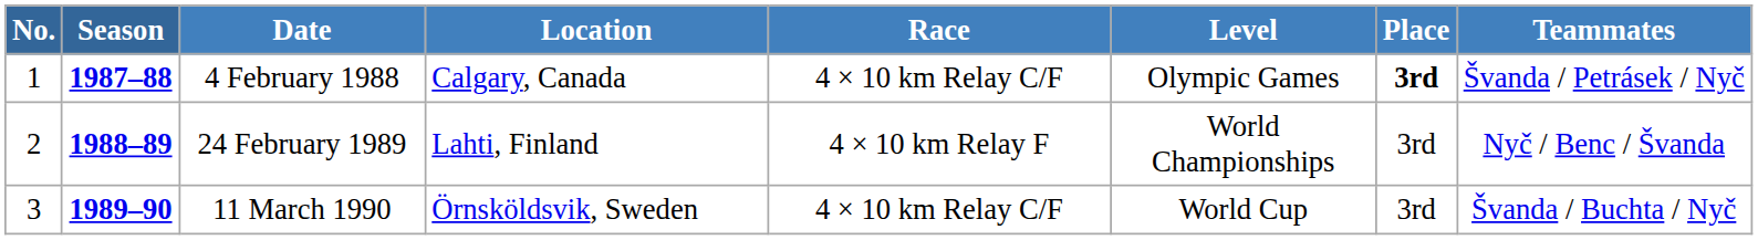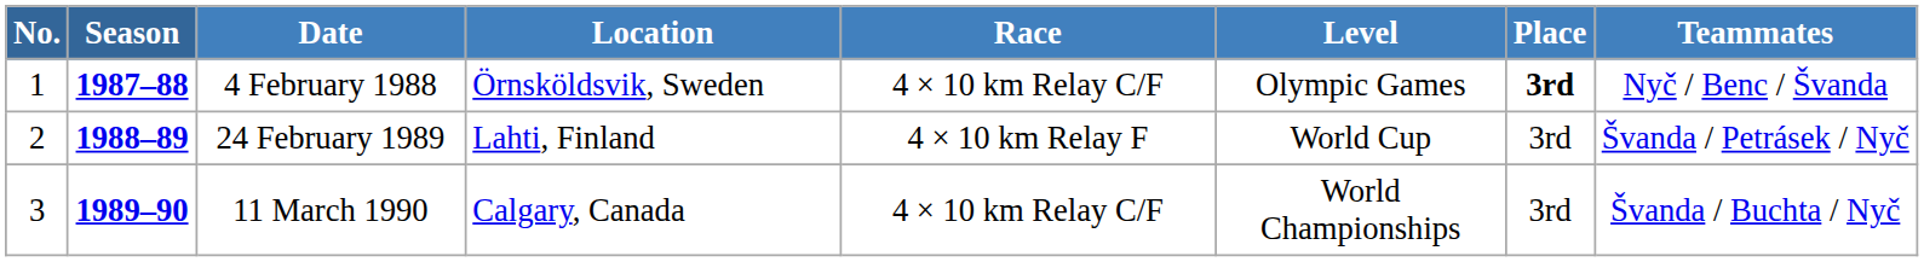 <table class="wikitable sortable" style="font-size:95%; text-align:center; border:grey solid 1px; border-collapse:collapse; background:#ffffff;">
 <tr style="background:#efefef;">
 <th style="background-color:#369; color:white;">No.</th>
 <th style="background-color:#369; color:white;">Season</th>
 <th style="background-color:#4180be; color:white; width:120px;">Date</th>
 <th style="background-color:#4180be; color:white; width:170px;">Location</th>
 <th style="background-color:#4180be; color:white; width:170px;">Race</th>
 <th style="background-color:#4180be; color:white; width:130px;">Level</th>
 <th style="background-color:#4180be; color:white;">Place</th>
 <th style="background-color:#4180be; color:white;">Teammates</th>
 </tr>
 <tr>
 <td align=center>1</td>
 <td rowspan=1 align=center><strong><a href='#'>1987–88</a></strong></td>
 <td>4 February 1988</td>
-<td align=left> <a href='#'>Calgary</a>, Canada</td>
+<td align=left> <a href='#'>Örnsköldsvik</a>, Sweden</td>
 <td>4 × 10 km Relay C/F</td>
 <td>Olympic Games</td>
 <td><strong>3rd</strong></td>
-<td><a href='#'>Švanda</a> / <a href='#'>Petrásek</a> / <a href='#'>Nyč</a></td>
+<td><a href='#'>Nyč</a> / <a href='#'>Benc</a> / <a href='#'>Švanda</a></td>
 </tr>
 <tr>
 <td align=center>2</td>
 <td rowspan=1 align=center><strong><a href='#'>1988–89</a></strong></td>
 <td>24 February 1989</td>
 <td align=left> <a href='#'>Lahti</a>, Finland</td>
 <td>4 × 10 km Relay F</td>
-<td>World Championships</td>
+<td>World Cup</td>
 <td>3rd</td>
-<td><a href='#'>Nyč</a> / <a href='#'>Benc</a> / <a href='#'>Švanda</a></td>
+<td><a href='#'>Švanda</a> / <a href='#'>Petrásek</a> / <a href='#'>Nyč</a></td>
 </tr>
 <tr>
 <td align=center>3</td>
 <td rowspan=1 align=center><strong><a href='#'>1989–90</a></strong></td>
 <td>11 March 1990</td>
-<td align=left> <a href='#'>Örnsköldsvik</a>, Sweden</td>
+<td align=left> <a href='#'>Calgary</a>, Canada</td>
 <td>4 × 10 km Relay C/F</td>
-<td>World Cup</td>
+<td>World Championships</td>
 <td>3rd</td>
 <td><a href='#'>Švanda</a> / <a href='#'>Buchta</a> / <a href='#'>Nyč</a></td>
 </tr>
 </table>
